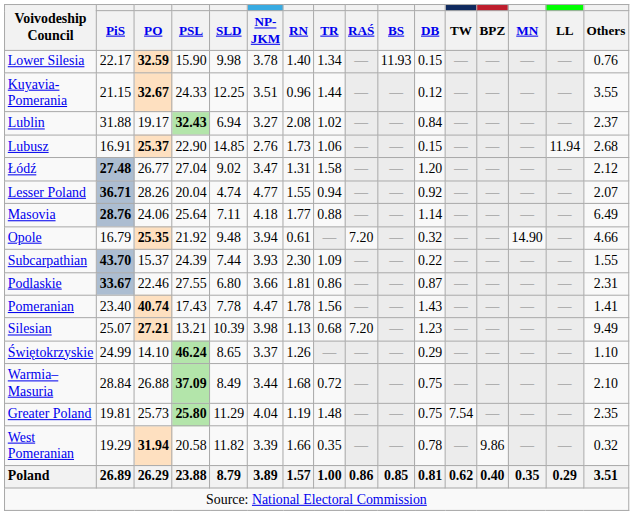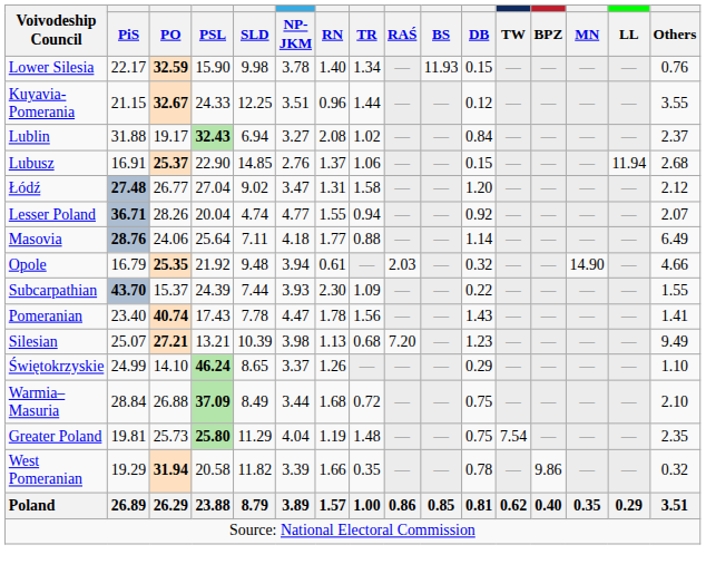 <table class="wikitable sortable" style="text-align:center; font-size:85%;">
 <tr text-align:center;>
 <th style="width:110px;" rowspan="2">Voivodeship<br>Council</th>
 <th style="background: "></th>
 <th style="background: "></th>
 <th style="background: "></th>
 <th style="background: "></th>
 <th style="background: #38ABE2;"></th>
 <th style="background: "></th>
 <th style="background: "></th>
 <th style="background: "></th>
 <th style="background: "></th>
 <th style="background: "></th>
 <th style="background: #0F2A5F;"></th>
 <th style="background: #BE1E2D;"></th>
 <th style="background: "></th>
 <th style="background: #00FF01;"></th>
 <th style="background: "></th>
 </tr>
 <tr text-align:center;>
 <th style="font-size:95%; width:65px;"><a href='#'>PiS</a></th>
 <th style="font-size:95%; width:65px;"><a href='#'>PO</a></th>
 <th style="font-size:95%; width:65px;"><a href='#'>PSL</a></th>
 <th style="font-size:95%; width:65px;"><a href='#'>SLD</a></th>
 <th style="font-size:95%; width:65px;"><a href='#'>NP-JKM</a></th>
 <th style="font-size:95%; width:65px;"><a href='#'>RN</a></th>
 <th style="font-size:95%; width:65px;"><a href='#'>TR</a></th>
 <th style="font-size:95%; width:65px;"><a href='#'>RAŚ</a></th>
 <th style="font-size:95%; width:65px;"><a href='#'>BS</a></th>
 <th style="font-size:95%; width:65px;"><a href='#'>DB</a></th>
 <th style="font-size:95%; width:65px;">TW</th>
 <th style="font-size:95%; width:65px;">BPZ</th>
 <th style="font-size:95%; width:65px;"><a href='#'>MN</a></th>
 <th style="font-size:95%; width:65px;">LL</th>
 <th style="font-size:95%; width:65px;">Others</th>
 </tr>
 <tr>
 <td style="text-align: left;"><a href='#'>Lower Silesia</a></td>
 <td>22.17</td>
 <td style="background: #fee0c0;"><strong>32.59</strong></td>
 <td>15.90</td>
 <td>9.98</td>
 <td>3.78</td>
 <td>1.40</td>
 <td>1.34</td>
 <td style="background: #ececec; color:gray;">—</td>
 <td>11.93</td>
 <td>0.15</td>
 <td style="background: #ececec; color:gray;">—</td>
 <td style="background: #ececec; color:gray;">—</td>
 <td style="background: #ececec; color:gray;">—</td>
 <td style="background: #ececec; color:gray;">—</td>
 <td>0.76</td>
 </tr>
 <tr>
 <td style="text-align: left;"><a href='#'>Kuyavia-Pomerania</a></td>
 <td>21.15</td>
 <td style="background: #fee0c0;"><strong>32.67</strong></td>
 <td>24.33</td>
 <td>12.25</td>
 <td>3.51</td>
 <td>0.96</td>
 <td>1.44</td>
 <td style="background: #ececec; color:gray;">—</td>
 <td style="background: #ececec; color:gray;">—</td>
 <td>0.12</td>
 <td style="background: #ececec; color:gray;">—</td>
 <td style="background: #ececec; color:gray;">—</td>
 <td style="background: #ececec; color:gray;">—</td>
 <td style="background: #ececec; color:gray;">—</td>
 <td>3.55</td>
 </tr>
 <tr>
 <td style="text-align: left;"><a href='#'>Lublin</a></td>
 <td>31.88</td>
 <td>19.17</td>
 <td style="background: #b3e5aa;"><strong>32.43</strong></td>
 <td>6.94</td>
 <td>3.27</td>
 <td>2.08</td>
 <td>1.02</td>
 <td style="background: #ececec; color:gray;">—</td>
 <td style="background: #ececec; color:gray;">—</td>
 <td>0.84</td>
 <td style="background: #ececec; color:gray;">—</td>
 <td style="background: #ececec; color:gray;">—</td>
 <td style="background: #ececec; color:gray;">—</td>
 <td style="background: #ececec; color:gray;">—</td>
 <td>2.37</td>
 </tr>
 <tr>
 <td style="text-align: left;"><a href='#'>Lubusz</a></td>
 <td>16.91</td>
 <td style="background: #fee0c0;"><strong>25.37</strong></td>
 <td>22.90</td>
 <td>14.85</td>
 <td>2.76</td>
-<td>1.73</td>
+<td>1.37</td>
 <td>1.06</td>
 <td style="background: #ececec; color:gray;">—</td>
 <td style="background: #ececec; color:gray;">—</td>
 <td>0.15</td>
 <td style="background: #ececec; color:gray;">—</td>
 <td style="background: #ececec; color:gray;">—</td>
 <td style="background: #ececec; color:gray;">—</td>
 <td>11.94</td>
 <td>2.68</td>
 </tr>
 <tr>
 <td style="text-align: left;"><a href='#'>Łódź</a></td>
 <td style="background: #acbdd1;"><strong>27.48</strong></td>
 <td>26.77</td>
 <td>27.04</td>
 <td>9.02</td>
 <td>3.47</td>
 <td>1.31</td>
 <td>1.58</td>
 <td style="background: #ececec; color:gray;">—</td>
 <td style="background: #ececec; color:gray;">—</td>
 <td>1.20</td>
 <td style="background: #ececec; color:gray;">—</td>
 <td style="background: #ececec; color:gray;">—</td>
 <td style="background: #ececec; color:gray;">—</td>
 <td style="background: #ececec; color:gray;">—</td>
 <td>2.12</td>
 </tr>
 <tr>
 <td style="text-align: left;"><a href='#'>Lesser Poland</a></td>
 <td style="background: #acbdd1;"><strong>36.71</strong></td>
 <td>28.26</td>
 <td>20.04</td>
 <td>4.74</td>
 <td>4.77</td>
 <td>1.55</td>
 <td>0.94</td>
 <td style="background: #ececec; color:gray;">—</td>
 <td style="background: #ececec; color:gray;">—</td>
 <td>0.92</td>
 <td style="background: #ececec; color:gray;">—</td>
 <td style="background: #ececec; color:gray;">—</td>
 <td style="background: #ececec; color:gray;">—</td>
 <td style="background: #ececec; color:gray;">—</td>
 <td>2.07</td>
 </tr>
 <tr>
 <td style="text-align: left;"><a href='#'>Masovia</a></td>
 <td style="background: #acbdd1;"><strong>28.76</strong></td>
 <td>24.06</td>
 <td>25.64</td>
 <td>7.11</td>
 <td>4.18</td>
 <td>1.77</td>
 <td>0.88</td>
 <td style="background: #ececec; color:gray;">—</td>
 <td style="background: #ececec; color:gray;">—</td>
 <td>1.14</td>
 <td style="background: #ececec; color:gray;">—</td>
 <td style="background: #ececec; color:gray;">—</td>
 <td style="background: #ececec; color:gray;">—</td>
 <td style="background: #ececec; color:gray;">—</td>
 <td>6.49</td>
 </tr>
 <tr>
 <td style="text-align: left;"><a href='#'>Opole</a></td>
 <td>16.79</td>
 <td style="background: #fee0c0;"><strong>25.35</strong></td>
 <td>21.92</td>
 <td>9.48</td>
 <td>3.94</td>
 <td>0.61</td>
 <td style="background: #ececec; color:gray;">—</td>
-<td>7.20</td>
+<td>2.03</td>
 <td style="background: #ececec; color:gray;">—</td>
 <td>0.32</td>
 <td style="background: #ececec; color:gray;">—</td>
 <td style="background: #ececec; color:gray;">—</td>
 <td>14.90</td>
 <td style="background: #ececec; color:gray;">—</td>
 <td>4.66</td>
 </tr>
 <tr>
 <td style="text-align: left;"><a href='#'>Subcarpathian</a></td>
 <td style="background: #acbdd1;"><strong>43.70</strong></td>
 <td>15.37</td>
 <td>24.39</td>
 <td>7.44</td>
 <td>3.93</td>
 <td>2.30</td>
 <td>1.09</td>
 <td style="background: #ececec; color:gray;">—</td>
 <td style="background: #ececec; color:gray;">—</td>
 <td>0.22</td>
 <td style="background: #ececec; color:gray;">—</td>
 <td style="background: #ececec; color:gray;">—</td>
 <td style="background: #ececec; color:gray;">—</td>
 <td style="background: #ececec; color:gray;">—</td>
 <td>1.55</td>
-</tr>
-<tr>
-<td style="text-align: left;"><a href='#'>Podlaskie</a></td>
-<td style="background: #acbdd1;"><strong>33.67</strong></td>
-<td>22.46</td>
-<td>27.55</td>
-<td>6.80</td>
-<td>3.66</td>
-<td>1.81</td>
-<td>0.86</td>
-<td style="background: #ececec; color:gray;">—</td>
-<td style="background: #ececec; color:gray;">—</td>
-<td>0.87</td>
-<td style="background: #ececec; color:gray;">—</td>
-<td style="background: #ececec; color:gray;">—</td>
-<td style="background: #ececec; color:gray;">—</td>
-<td style="background: #ececec; color:gray;">—</td>
-<td>2.31</td>
 </tr>
 <tr>
 <td style="text-align: left;"><a href='#'>Pomeranian</a></td>
 <td>23.40</td>
 <td style="background: #fee0c0;"><strong>40.74</strong></td>
 <td>17.43</td>
 <td>7.78</td>
 <td>4.47</td>
 <td>1.78</td>
 <td>1.56</td>
 <td style="background: #ececec; color:gray;">—</td>
 <td style="background: #ececec; color:gray;">—</td>
 <td>1.43</td>
 <td style="background: #ececec; color:gray;">—</td>
 <td style="background: #ececec; color:gray;">—</td>
 <td style="background: #ececec; color:gray;">—</td>
 <td style="background: #ececec; color:gray;">—</td>
 <td>1.41</td>
 </tr>
 <tr>
 <td style="text-align: left;"><a href='#'>Silesian</a></td>
 <td>25.07</td>
 <td style="background: #fee0c0;"><strong>27.21</strong></td>
 <td>13.21</td>
 <td>10.39</td>
 <td>3.98</td>
 <td>1.13</td>
 <td>0.68</td>
 <td>7.20</td>
 <td style="background: #ececec; color:gray;">—</td>
 <td>1.23</td>
 <td style="background: #ececec; color:gray;">—</td>
 <td style="background: #ececec; color:gray;">—</td>
 <td style="background: #ececec; color:gray;">—</td>
 <td style="background: #ececec; color:gray;">—</td>
 <td>9.49</td>
 </tr>
 <tr>
 <td style="text-align: left;"><a href='#'>Świętokrzyskie</a></td>
 <td>24.99</td>
 <td>14.10</td>
 <td style="background: #b3e5aa;"><strong>46.24</strong></td>
 <td>8.65</td>
 <td>3.37</td>
 <td>1.26</td>
 <td style="background: #ececec; color:gray;">—</td>
 <td style="background: #ececec; color:gray;">—</td>
 <td style="background: #ececec; color:gray;">—</td>
 <td>0.29</td>
 <td style="background: #ececec; color:gray;">—</td>
 <td style="background: #ececec; color:gray;">—</td>
 <td style="background: #ececec; color:gray;">—</td>
 <td style="background: #ececec; color:gray;">—</td>
 <td>1.10</td>
 </tr>
 <tr>
 <td style="text-align: left;"><a href='#'>Warmia–Masuria</a></td>
 <td>28.84</td>
 <td>26.88</td>
 <td style="background: #b3e5aa;"><strong>37.09</strong></td>
 <td>8.49</td>
 <td>3.44</td>
 <td>1.68</td>
 <td>0.72</td>
 <td style="background: #ececec; color:gray;">—</td>
 <td style="background: #ececec; color:gray;">—</td>
 <td>0.75</td>
 <td style="background: #ececec; color:gray;">—</td>
 <td style="background: #ececec; color:gray;">—</td>
 <td style="background: #ececec; color:gray;">—</td>
 <td style="background: #ececec; color:gray;">—</td>
 <td>2.10</td>
 </tr>
 <tr>
 <td style="text-align: left;"><a href='#'>Greater Poland</a></td>
 <td>19.81</td>
 <td>25.73</td>
 <td style="background: #b3e5aa;"><strong>25.80</strong></td>
 <td>11.29</td>
 <td>4.04</td>
 <td>1.19</td>
 <td>1.48</td>
 <td style="background: #ececec; color:gray;">—</td>
 <td style="background: #ececec; color:gray;">—</td>
 <td>0.75</td>
 <td>7.54</td>
 <td style="background: #ececec; color:gray;">—</td>
 <td style="background: #ececec; color:gray;">—</td>
 <td style="background: #ececec; color:gray;">—</td>
 <td>2.35</td>
 </tr>
 <tr>
 <td style="text-align: left;"><a href='#'>West Pomeranian</a></td>
 <td>19.29</td>
 <td style="background: #fee0c0;"><strong>31.94</strong></td>
 <td>20.58</td>
 <td>11.82</td>
 <td>3.39</td>
 <td>1.66</td>
 <td>0.35</td>
 <td style="background: #ececec; color:gray;">—</td>
 <td style="background: #ececec; color:gray;">—</td>
 <td>0.78</td>
 <td style="background: #ececec; color:gray;">—</td>
 <td>9.86</td>
 <td style="background: #ececec; color:gray;">—</td>
 <td style="background: #ececec; color:gray;">—</td>
 <td>0.32</td>
 </tr>
 <tr>
 <th style="text-align: left;">Poland</th>
 <th>26.89</th>
 <th>26.29</th>
 <th>23.88</th>
 <th>8.79</th>
 <th>3.89</th>
 <th>1.57</th>
 <th>1.00</th>
 <th>0.86</th>
 <th>0.85</th>
 <th>0.81</th>
 <th>0.62</th>
 <th>0.40</th>
 <th>0.35</th>
 <th>0.29</th>
 <th>3.51</th>
 </tr>
 <tr>
 <td colspan="16" align="center">Source: <a href='#'>National Electoral Commission</a></td>
 </tr>
 </table>
